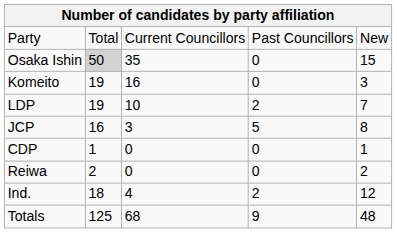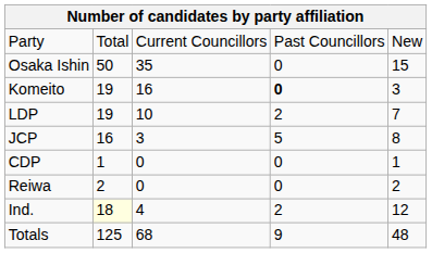 <table class="wikitable">
 <tr>
 <th colspan="5">Number of candidates by party affiliation</th>
 </tr>
 <tr>
 <td>Party</td>
 <td>Total</td>
 <td>Current Councillors</td>
 <td>Past Councillors</td>
 <td>New</td>
 </tr>
 <tr>
 <td>Osaka Ishin</td>
-<td style="background: lightgrey;">50</td>
+<td>50</td>
 <td>35</td>
 <td>0</td>
 <td>15</td>
 </tr>
 <tr>
 <td>Komeito</td>
 <td>19</td>
 <td>16</td>
-<td>0</td>
+<td><strong>0</strong></td>
 <td>3</td>
 </tr>
 <tr>
 <td>LDP</td>
 <td>19</td>
 <td>10</td>
 <td>2</td>
 <td>7</td>
 </tr>
 <tr>
 <td>JCP</td>
 <td>16</td>
 <td>3</td>
 <td>5</td>
 <td>8</td>
 </tr>
 <tr>
 <td>CDP</td>
 <td>1</td>
 <td>0</td>
 <td>0</td>
 <td>1</td>
 </tr>
 <tr>
 <td>Reiwa</td>
 <td>2</td>
 <td>0</td>
 <td>0</td>
 <td>2</td>
 </tr>
 <tr>
 <td>Ind.</td>
-<td>18</td>
+<td style="background: lightyellow;">18</td>
 <td>4</td>
 <td>2</td>
 <td>12</td>
 </tr>
 <tr>
 <td>Totals</td>
 <td>125</td>
 <td>68</td>
 <td>9</td>
 <td>48</td>
 </tr>
 </table>
